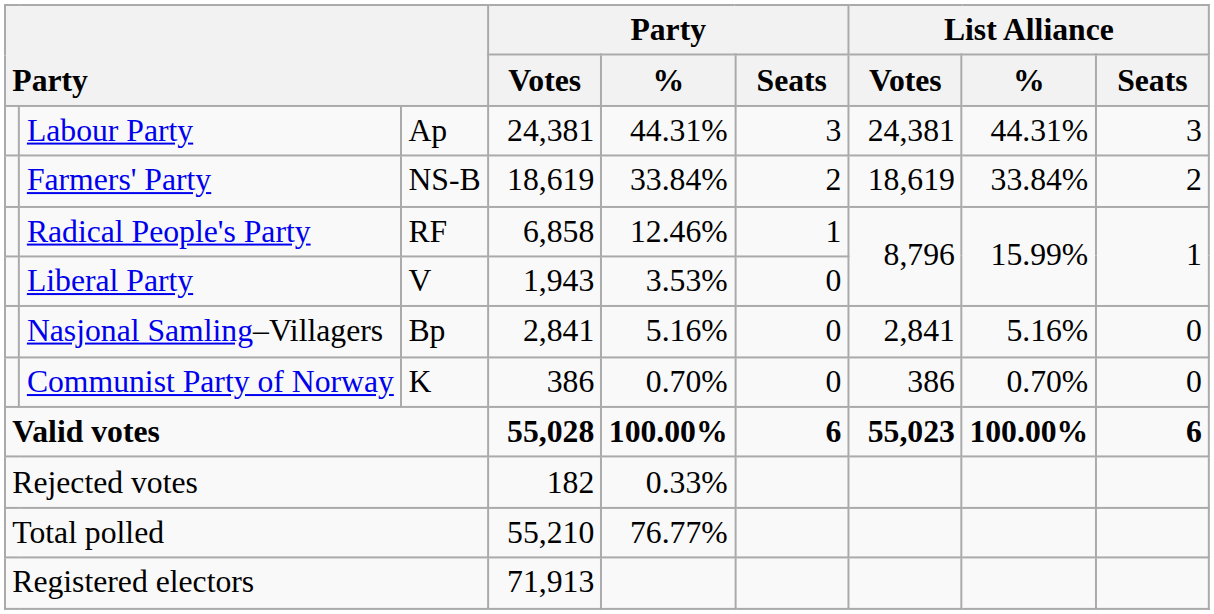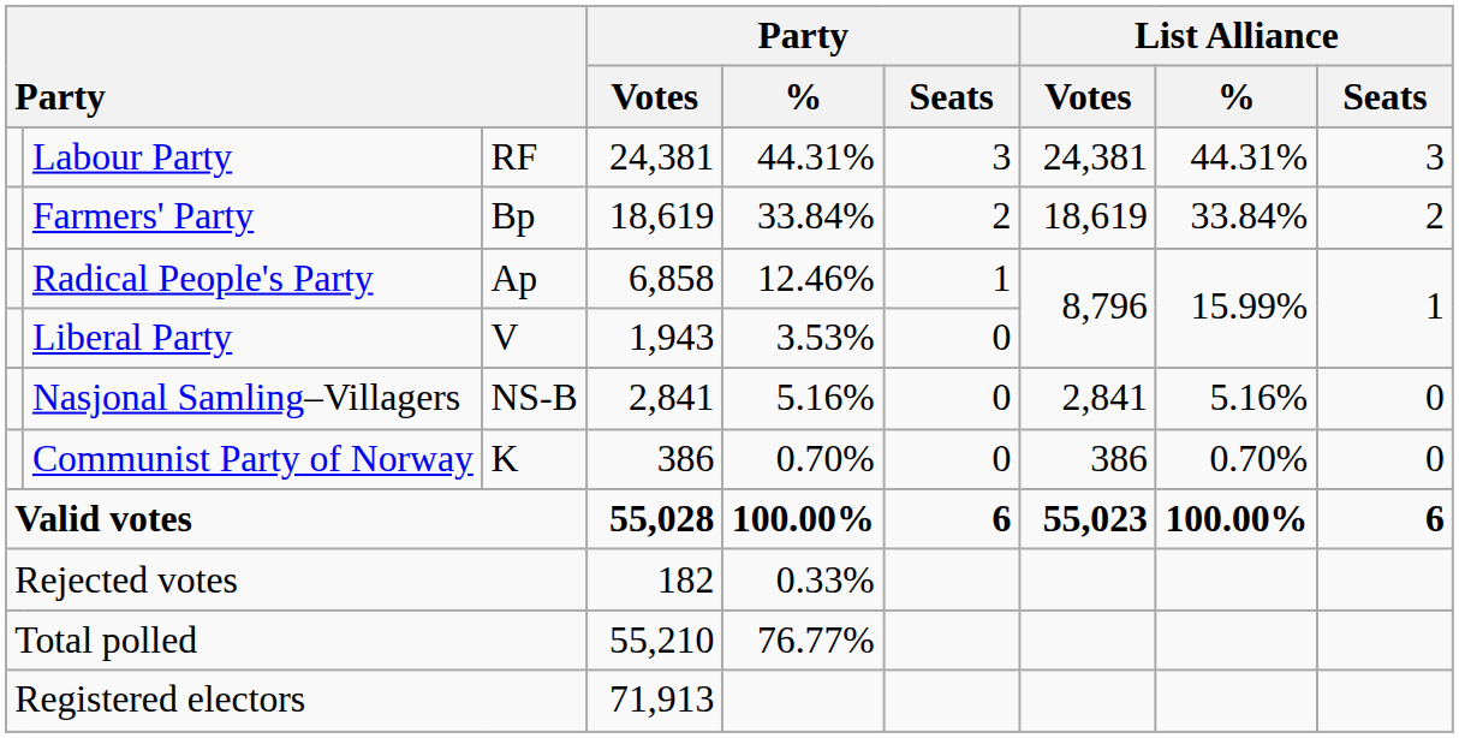 <table class="wikitable" border="1" style="text-align:right;">
 <tr>
 <th style="text-align:left;" valign=bottom rowspan=2 colspan=3>Party</th>
 <th colspan=3>Party</th>
 <th colspan=3>List Alliance</th>
 </tr>
 <tr>
 <th align=center valign=bottom width="50">Votes</th>
 <th align=center valign=bottom width="50">%</th>
 <th align=center valign=bottom width="50">Seats</th>
 <th align=center valign=bottom width="50">Votes</th>
 <th align=center valign=bottom width="50">%</th>
 <th align=center valign=bottom width="50">Seats</th>
 </tr>
 <tr>
 <td style="color:inherit;background:"></td>
 <td align=left><a href='#'>Labour Party</a></td>
-<td align=left>Ap</td>
+<td align=left>RF</td>
 <td>24,381</td>
 <td>44.31%</td>
 <td>3</td>
 <td>24,381</td>
 <td>44.31%</td>
 <td>3</td>
 </tr>
 <tr>
 <td style="color:inherit;background:"></td>
 <td align=left><a href='#'>Farmers' Party</a></td>
-<td align=left>NS-B</td>
+<td align=left>Bp</td>
 <td>18,619</td>
 <td>33.84%</td>
 <td>2</td>
 <td>18,619</td>
 <td>33.84%</td>
 <td>2</td>
 </tr>
 <tr>
 <td></td>
 <td align=left><a href='#'>Radical People's Party</a></td>
-<td align=left>RF</td>
+<td align=left>Ap</td>
 <td>6,858</td>
 <td>12.46%</td>
 <td>1</td>
 <td rowspan=2>8,796</td>
 <td rowspan=2>15.99%</td>
 <td rowspan=2>1</td>
 </tr>
 <tr>
 <td style="color:inherit;background:"></td>
 <td align=left><a href='#'>Liberal Party</a></td>
 <td align=left>V</td>
 <td>1,943</td>
 <td>3.53%</td>
 <td>0</td>
 </tr>
 <tr>
 <td></td>
 <td align=left><a href='#'>Nasjonal Samling</a>–Villagers</td>
-<td align=left>Bp</td>
+<td align=left>NS-B</td>
 <td>2,841</td>
 <td>5.16%</td>
 <td>0</td>
 <td>2,841</td>
 <td>5.16%</td>
 <td>0</td>
 </tr>
 <tr>
 <td style="color:inherit;background:"></td>
 <td align=left><a href='#'>Communist Party of Norway</a></td>
 <td align=left>K</td>
 <td>386</td>
 <td>0.70%</td>
 <td>0</td>
 <td>386</td>
 <td>0.70%</td>
 <td>0</td>
 </tr>
 <tr style="font-weight:bold">
 <td align=left colspan=3>Valid votes</td>
 <td>55,028</td>
 <td>100.00%</td>
 <td>6</td>
 <td>55,023</td>
 <td>100.00%</td>
 <td>6</td>
 </tr>
 <tr>
 <td align=left colspan=3>Rejected votes</td>
 <td>182</td>
 <td>0.33%</td>
 <td></td>
 <td></td>
 <td></td>
 <td></td>
 </tr>
 <tr>
 <td align=left colspan=3>Total polled</td>
 <td>55,210</td>
 <td>76.77%</td>
 <td></td>
 <td></td>
 <td></td>
 <td></td>
 </tr>
 <tr>
 <td align=left colspan=3>Registered electors</td>
 <td>71,913</td>
 <td></td>
 <td></td>
 <td></td>
 <td></td>
 <td></td>
 </tr>
 </table>
